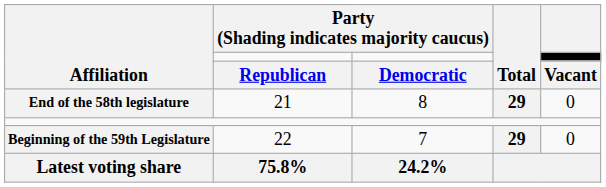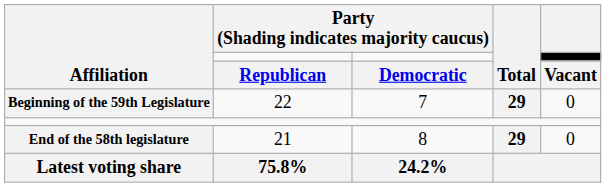 <table class=wikitable style="text-align:center">
 <tr style="vertical-align:bottom;">
 <th rowspan=3>Affiliation</th>
 <th colspan=2>Party <div>(Shading indicates majority caucus)</div></th>
 <th rowspan=3>Total</th>
 <th></th>
 </tr>
 <tr style="height:5px">
 <td style="background-color:"></td>
 <td style="background-color:"></td>
 <td style="background-color:black"></td>
 </tr>
 <tr>
 <th><a href='#'>Republican</a></th>
 <th><a href='#'>Democratic</a></th>
 <th>Vacant</th>
 </tr>
 <tr>
-<th nowrap style="font-size:80%">End of the 58th legislature</th>
-<td>21</td>
-<td>8</td>
+<th nowrap style="font-size:80%">Beginning of the 59th Legislature</th>
+<td>22</td>
+<td>7</td>
 <th>29</th>
 <td>0</td>
 </tr>
 <tr>
 <td colspan=5></td>
 </tr>
 <tr>
-<th nowrap style="font-size:80%">Beginning of the 59th Legislature</th>
-<td>22</td>
-<td>7</td>
+<th nowrap style="font-size:80%">End of the 58th legislature</th>
+<td>21</td>
+<td>8</td>
 <th>29</th>
 <td>0</td>
 </tr>
 <tr>
 <th>Latest voting share</th>
 <th>75.8% </th>
 <th>24.2%</th>
 <th colspan=2></th>
 </tr>
 </table>
